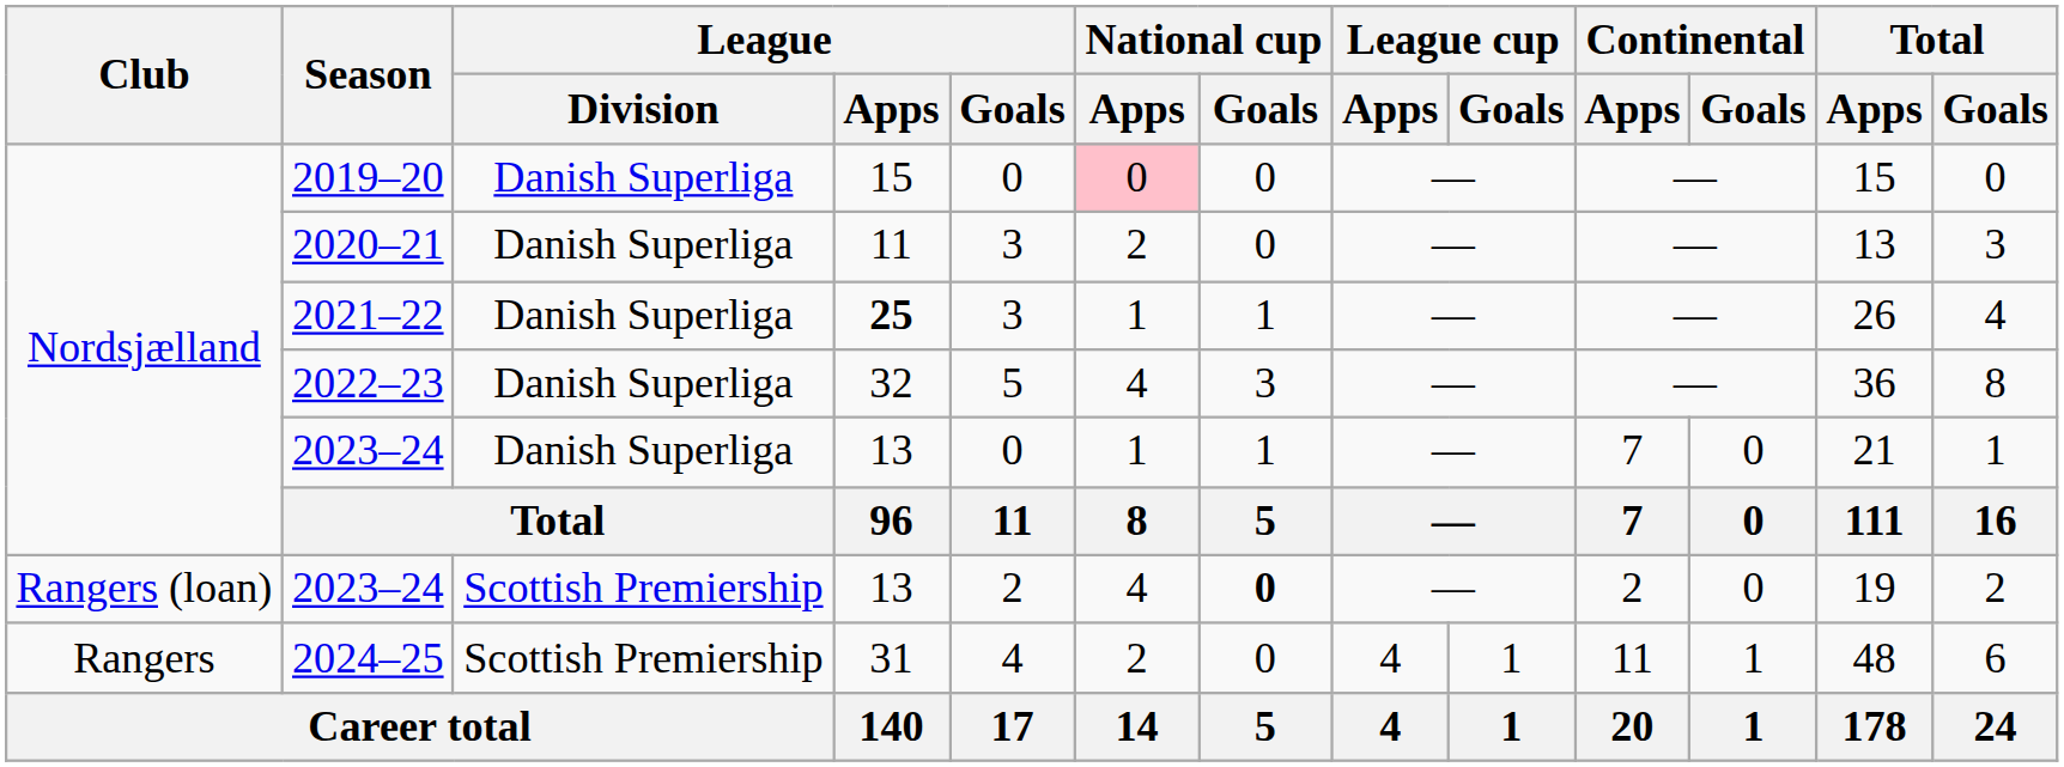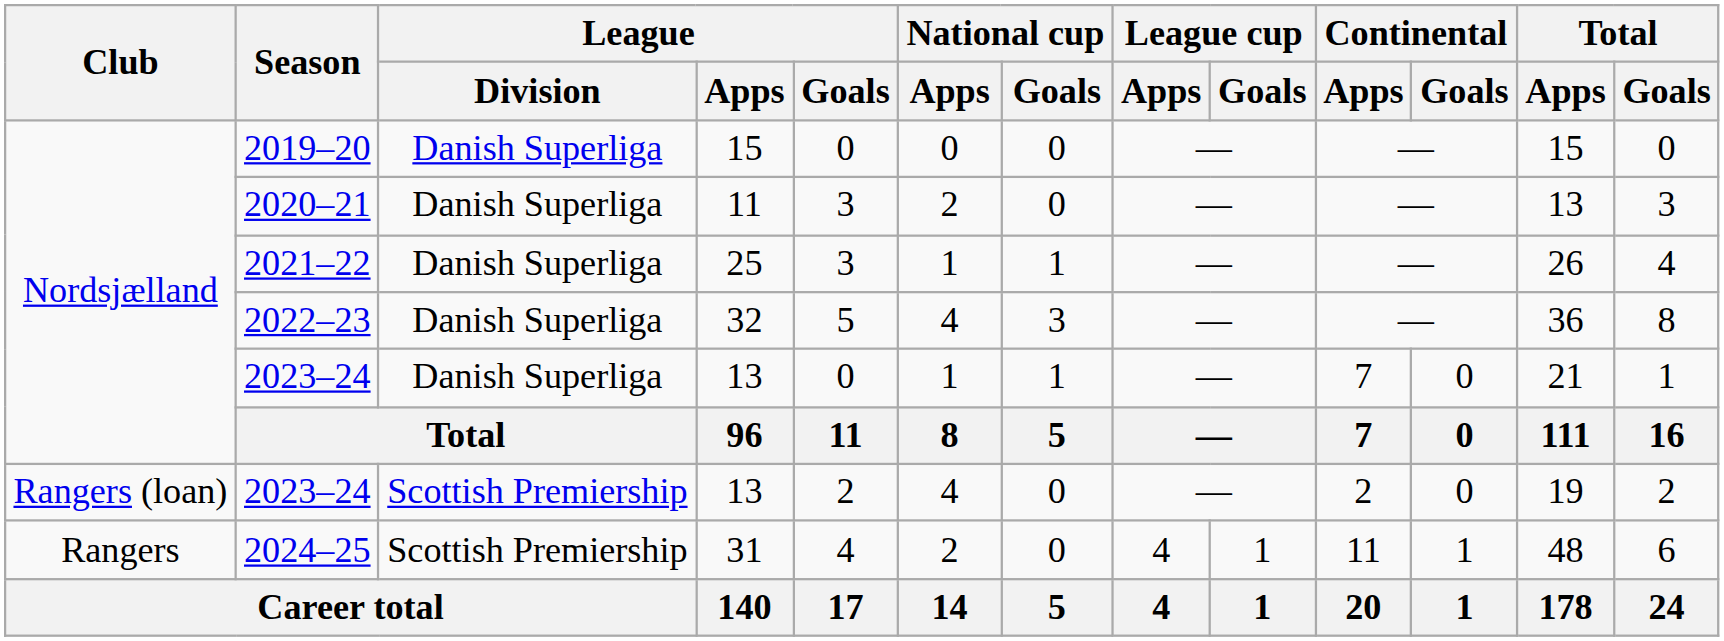 <table class="wikitable" style="text-align:center">
 <tr>
 <th rowspan="2">Club</th>
 <th rowspan="2">Season</th>
 <th colspan="3">League</th>
 <th colspan="2">National cup</th>
 <th colspan="2">League cup</th>
 <th colspan="2">Continental</th>
 <th colspan="2">Total</th>
 </tr>
 <tr>
 <th>Division</th>
 <th>Apps</th>
 <th>Goals</th>
 <th>Apps</th>
 <th>Goals</th>
 <th>Apps</th>
 <th>Goals</th>
 <th>Apps</th>
 <th>Goals</th>
 <th>Apps</th>
 <th>Goals</th>
 </tr>
 <tr>
 <td rowspan="6"><a href='#'>Nordsjælland</a></td>
 <td><a href='#'>2019–20</a></td>
 <td><a href='#'>Danish Superliga</a></td>
 <td>15</td>
 <td>0</td>
-<td style="background: pink;">0</td>
+<td>0</td>
 <td>0</td>
 <td colspan="2">—</td>
 <td colspan="2">—</td>
 <td>15</td>
 <td>0</td>
 </tr>
 <tr>
 <td><a href='#'>2020–21</a></td>
 <td>Danish Superliga</td>
 <td>11</td>
 <td>3</td>
 <td>2</td>
 <td>0</td>
 <td colspan="2">—</td>
 <td colspan="2">—</td>
 <td>13</td>
 <td>3</td>
 </tr>
 <tr>
 <td><a href='#'>2021–22</a></td>
 <td>Danish Superliga</td>
-<td><strong>25</strong></td>
+<td>25</td>
 <td>3</td>
 <td>1</td>
 <td>1</td>
 <td colspan="2">—</td>
 <td colspan="2">—</td>
 <td>26</td>
 <td>4</td>
 </tr>
 <tr>
 <td><a href='#'>2022–23</a></td>
 <td>Danish Superliga</td>
 <td>32</td>
 <td>5</td>
 <td>4</td>
 <td>3</td>
 <td colspan="2">—</td>
 <td colspan="2">—</td>
 <td>36</td>
 <td>8</td>
 </tr>
 <tr>
 <td><a href='#'>2023–24</a></td>
 <td>Danish Superliga</td>
 <td>13</td>
 <td>0</td>
 <td>1</td>
 <td>1</td>
 <td colspan="2">—</td>
 <td>7</td>
 <td>0</td>
 <td>21</td>
 <td>1</td>
 </tr>
 <tr>
 <th colspan="2">Total</th>
 <th>96</th>
 <th>11</th>
 <th>8</th>
 <th>5</th>
 <th colspan="2">—</th>
 <th>7</th>
 <th>0</th>
 <th>111</th>
 <th>16</th>
 </tr>
 <tr>
 <td><a href='#'>Rangers</a> (loan)</td>
 <td><a href='#'>2023–24</a></td>
 <td><a href='#'>Scottish Premiership</a></td>
 <td>13</td>
 <td>2</td>
 <td>4</td>
-<td><strong>0</strong></td>
+<td>0</td>
 <td colspan="2">—</td>
 <td>2</td>
 <td>0</td>
 <td>19</td>
 <td>2</td>
 </tr>
 <tr>
 <td>Rangers</td>
 <td><a href='#'>2024–25</a></td>
 <td>Scottish Premiership</td>
 <td>31</td>
 <td>4</td>
 <td>2</td>
 <td>0</td>
 <td>4</td>
 <td>1</td>
 <td>11</td>
 <td>1</td>
 <td>48</td>
 <td>6</td>
 </tr>
 <tr>
 <th colspan="3">Career total</th>
 <th>140</th>
 <th>17</th>
 <th>14</th>
 <th>5</th>
 <th>4</th>
 <th>1</th>
 <th>20</th>
 <th>1</th>
 <th>178</th>
 <th>24</th>
 </tr>
 </table>
